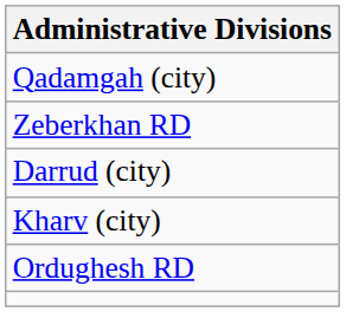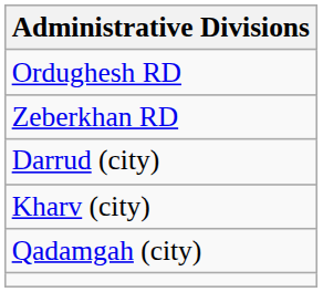 <table class="wikitable">
 <tr>
 <th>Administrative Divisions</th>
 </tr>
 <tr>
-<td><a href='#'>Qadamgah</a> (city)</td>
+<td><a href='#'>Ordughesh RD</a></td>
 </tr>
 <tr>
 <td><a href='#'>Zeberkhan RD</a></td>
 </tr>
 <tr>
 <td><a href='#'>Darrud</a> (city)</td>
 </tr>
 <tr>
 <td><a href='#'>Kharv</a> (city)</td>
 </tr>
 <tr>
-<td><a href='#'>Ordughesh RD</a></td>
+<td><a href='#'>Qadamgah</a> (city)</td>
 </tr>
 <tr>
 <td colspan=1></td>
 </tr>
 </table>
